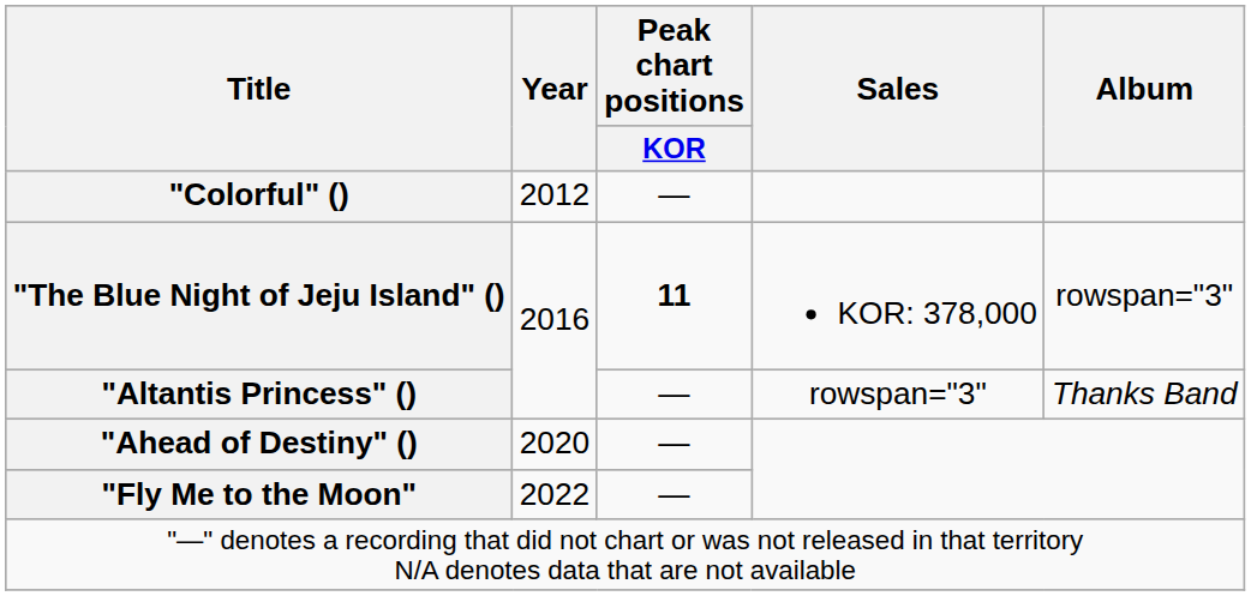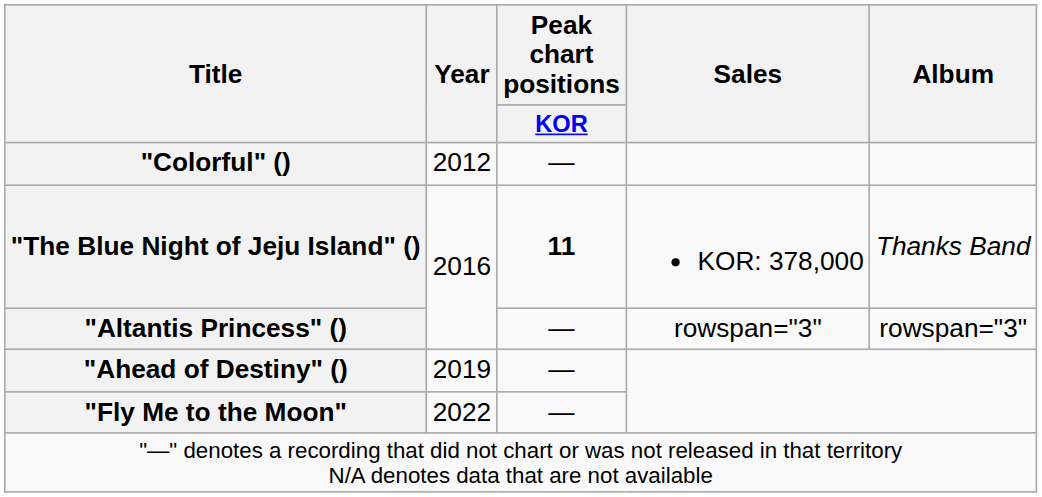 <table class="wikitable plainrowheaders" style="text-align:center">
 <tr>
 <th scope="col" rowspan="2">Title</th>
 <th scope="col" rowspan="2">Year</th>
 <th scope="col">Peak chart<br>positions</th>
 <th scope="col" rowspan="2">Sales</th>
 <th scope="col" rowspan="2">Album</th>
 </tr>
 <tr>
 <th scope="col" style="font-size:90%; width:3em"><a href='#'>KOR</a><br></th>
 </tr>
 <tr>
 <th scope="row">"Colorful" ()</th>
 <td>2012</td>
 <td>—</td>
 <td></td>
 <td></td>
 </tr>
 <tr>
 <th scope="row">"The Blue Night of Jeju Island" ()<br></th>
 <td rowspan="2">2016</td>
 <td><strong>11</strong></td>
 <td><br><ul><li>KOR: 378,000</li></ul></td>
-<td>rowspan="3" </td>
+<td><em>Thanks Band</em></td>
 </tr>
 <tr>
 <th scope="row">"Altantis Princess" ()</th>
 <td>—</td>
 <td>rowspan="3" </td>
-<td><em>Thanks Band</em></td>
+<td>rowspan="3" </td>
 </tr>
 <tr>
 <th scope="row">"Ahead of Destiny" ()</th>
-<td>2020</td>
+<td>2019</td>
 <td>—</td>
 </tr>
 <tr>
 <th scope="row">"Fly Me to the Moon"</th>
 <td>2022</td>
 <td>—</td>
 </tr>
 <tr>
 <td colspan="5" style="font-size:85%">"—" denotes a recording that did not chart or was not released in that territory<br>N/A denotes data that are not available</td>
 </tr>
 </table>
